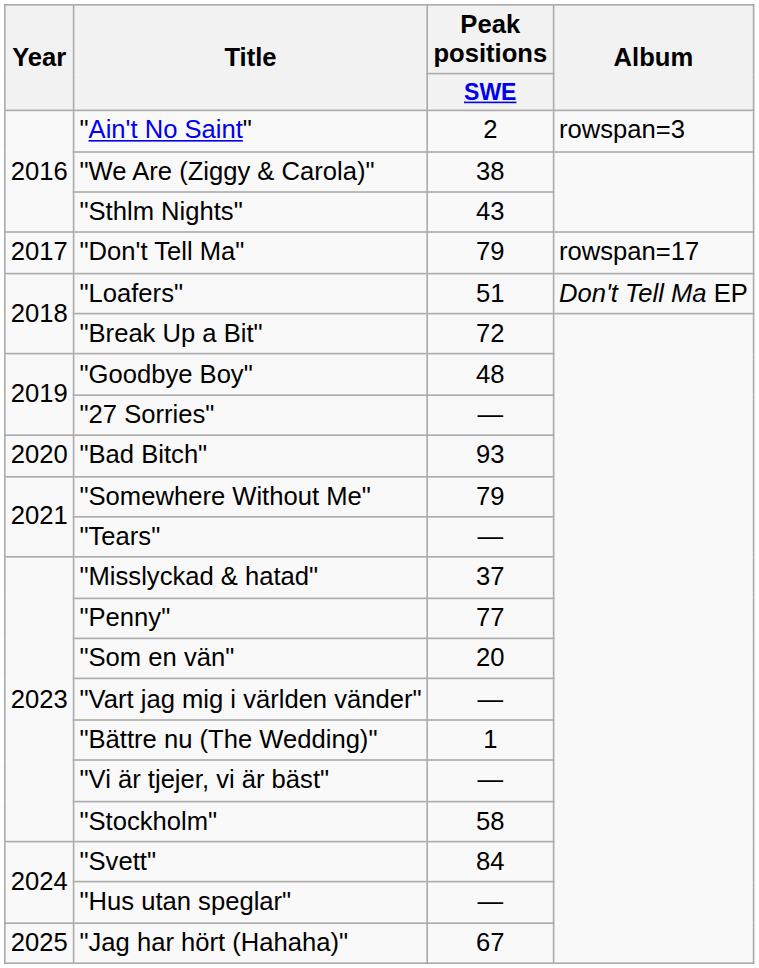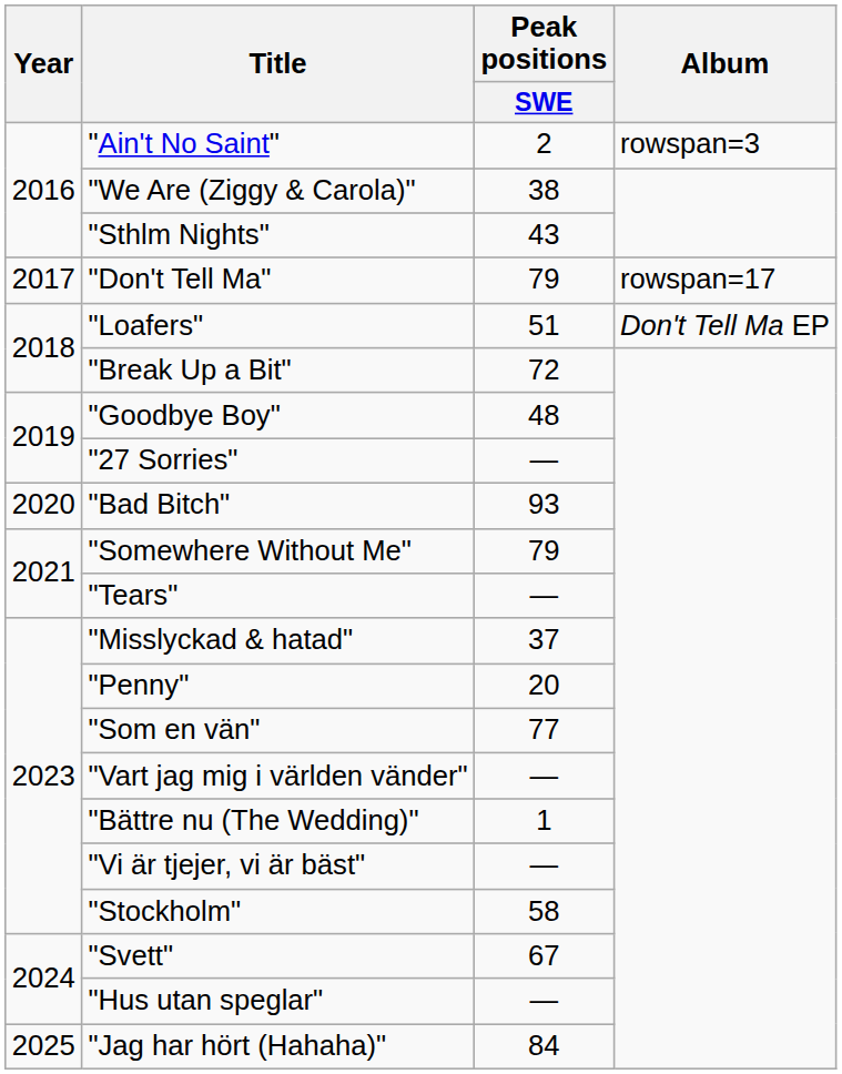 <table class="wikitable">
 <tr>
 <th scope="col" rowspan="2">Year</th>
 <th scope="col" rowspan="2">Title</th>
 <th scope="col" colspan="1">Peak positions</th>
 <th scope="col" rowspan="2">Album</th>
 </tr>
 <tr>
 <th scope="col" style="width:3em;font-size:90%;"><a href='#'>SWE</a><br></th>
 </tr>
 <tr>
 <td style="text-align:center;" rowspan=3>2016</td>
 <td>"<a href='#'>Ain't No Saint</a>"</td>
 <td style="text-align:center;">2</td>
 <td>rowspan=3 </td>
 </tr>
 <tr>
 <td>"We Are (Ziggy & Carola)"</td>
 <td style="text-align:center;">38</td>
 </tr>
 <tr>
 <td>"Sthlm Nights"</td>
 <td style="text-align:center;">43</td>
 </tr>
 <tr>
 <td style="text-align:center;">2017</td>
 <td>"Don't Tell Ma"</td>
 <td style="text-align:center;">79<br></td>
 <td>rowspan=17 </td>
 </tr>
 <tr>
 <td style="text-align:center;" rowspan=2>2018</td>
 <td>"Loafers"</td>
 <td style="text-align:center;">51<br></td>
 <td><em>Don't Tell Ma</em> EP</td>
 </tr>
 <tr>
 <td>"Break Up a Bit"</td>
 <td style="text-align:center;">72<br></td>
 </tr>
 <tr>
 <td style="text-align:center;" rowspan="2">2019</td>
 <td>"Goodbye Boy"</td>
 <td style="text-align:center;">48<br></td>
 </tr>
 <tr>
 <td>"27 Sorries"</td>
 <td style="text-align:center;">—</td>
 </tr>
 <tr>
 <td style="text-align:center;">2020</td>
 <td>"Bad Bitch"</td>
 <td style="text-align:center;">93<br></td>
 </tr>
 <tr>
 <td style="text-align:center;" rowspan="2">2021</td>
 <td>"Somewhere Without Me"</td>
 <td style="text-align:center;">79<br></td>
 </tr>
 <tr>
 <td>"Tears"</td>
 <td style="text-align:center;">—</td>
 </tr>
 <tr>
 <td style="text-align:center;" rowspan="7">2023</td>
 <td>"Misslyckad & hatad"</td>
 <td style="text-align:center;">37<br></td>
 </tr>
 <tr>
 <td>"Penny"</td>
-<td style="text-align:center;">77<br></td>
+<td style="text-align:center;">20<br></td>
 </tr>
 <tr>
 <td>"Som en vän"<br></td>
-<td style="text-align:center;">20<br></td>
+<td style="text-align:center;">77<br></td>
 </tr>
 <tr>
 <td>"Vart jag mig i världen vänder"</td>
 <td style="text-align:center;">—</td>
 </tr>
 <tr>
 <td>"Bättre nu (The Wedding)"</td>
 <td style="text-align:center;">1<br></td>
 </tr>
 <tr>
 <td>"Vi är tjejer, vi är bäst"</td>
 <td style="text-align:center;">—</td>
 </tr>
 <tr>
 <td>"Stockholm"</td>
 <td style="text-align:center;">58<br></td>
 </tr>
 <tr>
 <td rowspan="2">2024</td>
 <td>"Svett"</td>
-<td style="text-align:center;">84<br></td>
+<td style="text-align:center;">67<br></td>
 </tr>
 <tr>
 <td>"Hus utan speglar"</td>
 <td style="text-align:center;">—</td>
 </tr>
 <tr>
 <td>2025</td>
 <td>"Jag har hört (Hahaha)"</td>
-<td style="text-align:center;">67<br></td>
+<td style="text-align:center;">84<br></td>
 </tr>
 </table>
